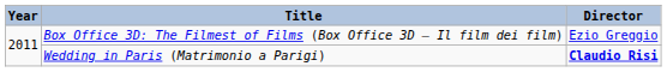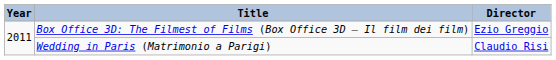 <table class="wikitable" border="2" cellpadding="4">
 <tr>
 <th style="background:#B0C4DE;">Year</th>
 <th style="background:#B0C4DE;">Title</th>
 <th style="background:#B0C4DE;">Director</th>
 </tr>
 <tr>
 <td rowspan="2">2011</td>
 <td><em><a href='#'>Box Office 3D: The Filmest of Films</a></em> (<em>Box Office 3D – Il film dei film</em>)</td>
 <td><a href='#'>Ezio Greggio</a></td>
 </tr>
 <tr>
 <td><em><a href='#'>Wedding in Paris</a></em> (<em>Matrimonio a Parigi</em>)</td>
-<td><strong><a href='#'>Claudio Risi</a></strong></td>
+<td><a href='#'>Claudio Risi</a></td>
 </tr>
 </table>
